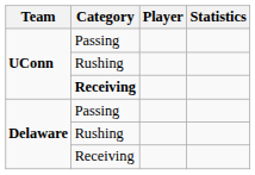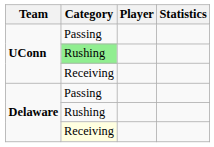 <table class="wikitable" style="float: right;">
 <tr>
 <th>Team</th>
 <th>Category</th>
 <th>Player</th>
 <th>Statistics</th>
 </tr>
 <tr>
 <td rowspan=3><strong>UConn</strong></td>
 <td>Passing</td>
 <td></td>
 <td></td>
 </tr>
 <tr>
-<td>Rushing</td>
+<td style="background: lightgreen;">Rushing</td>
 <td></td>
 <td></td>
 </tr>
 <tr>
-<td><strong>Receiving</strong></td>
+<td>Receiving</td>
 <td></td>
 <td></td>
 </tr>
 <tr>
 <td rowspan=3><strong>Delaware</strong></td>
 <td>Passing</td>
 <td></td>
 <td></td>
 </tr>
 <tr>
 <td>Rushing</td>
 <td></td>
 <td></td>
 </tr>
 <tr>
-<td>Receiving</td>
+<td style="background: lightyellow;">Receiving</td>
 <td></td>
 <td></td>
 </tr>
 </table>
